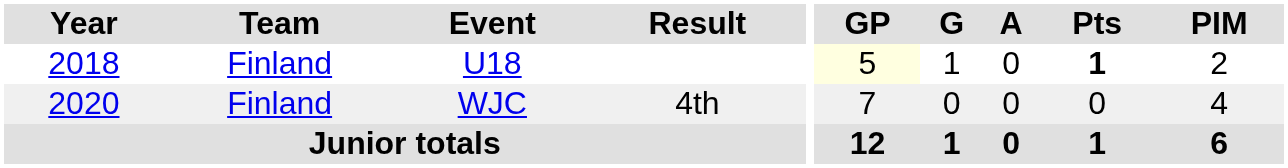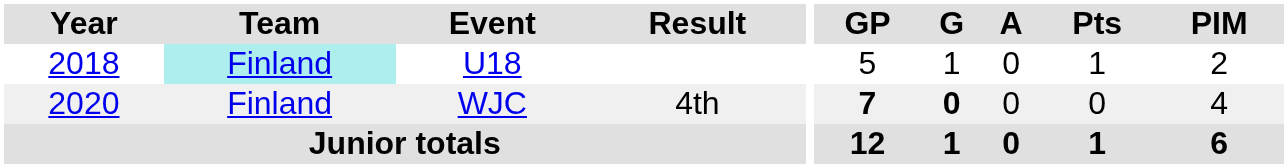 <table border="0" cellpadding="1" cellspacing="0" ID="Table3" style="text-align:center; width:40em;">
 <tr bgcolor="#e0e0e0">
 <th>Year</th>
 <th>Team</th>
 <th>Event</th>
 <th>Result</th>
 <th rowspan="99" bgcolor="#ffffff"></th>
 <th>GP</th>
 <th>G</th>
 <th>A</th>
 <th>Pts</th>
 <th>PIM</th>
 </tr>
 <tr>
 <td><a href='#'>2018</a></td>
-<td><a href='#'>Finland</a></td>
+<td style="background: paleturquoise;"><a href='#'>Finland</a></td>
 <td><a href='#'>U18</a></td>
 <td></td>
-<td style="background: lightyellow;">5</td>
+<td>5</td>
 <td>1</td>
 <td>0</td>
-<td><strong>1</strong></td>
+<td>1</td>
 <td>2</td>
 </tr>
 <tr bgcolor="#f0f0f0">
 <td><a href='#'>2020</a></td>
 <td><a href='#'>Finland</a></td>
 <td><a href='#'>WJC</a></td>
 <td>4th</td>
-<td>7</td>
-<td>0</td>
+<td><strong>7</strong></td>
+<td><strong>0</strong></td>
 <td>0</td>
 <td>0</td>
 <td>4</td>
 </tr>
 <tr bgcolor="#e0e0e0">
 <th colspan="4">Junior totals</th>
 <th>12</th>
 <th>1</th>
 <th>0</th>
 <th>1</th>
 <th>6</th>
 </tr>
 </table>
